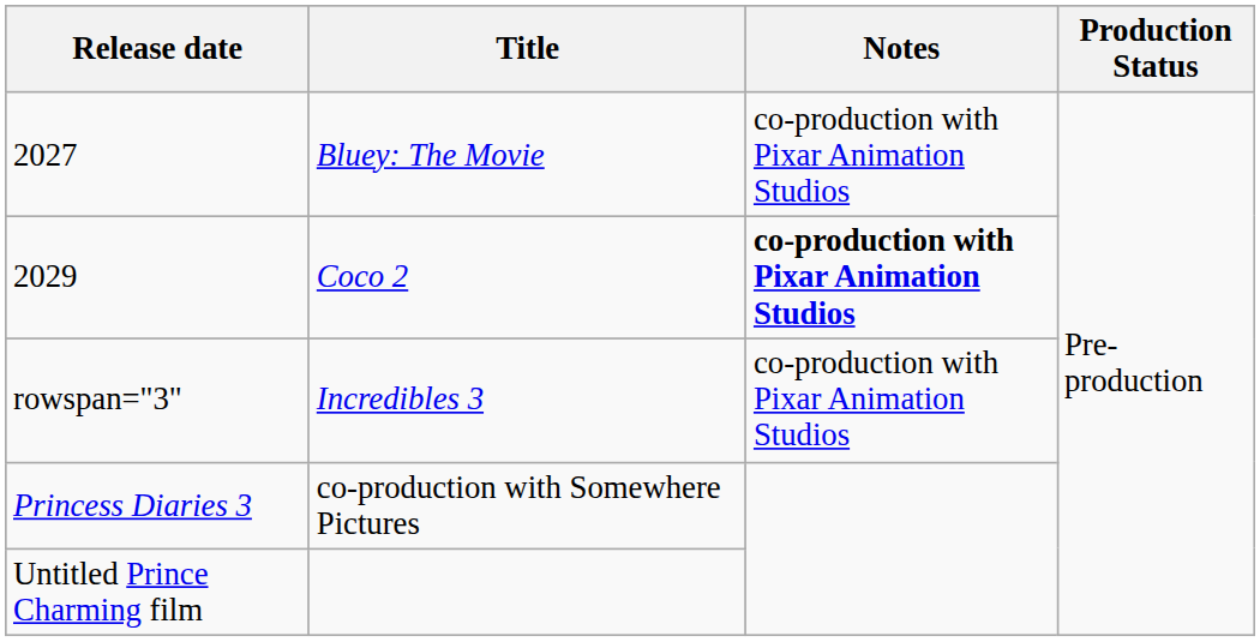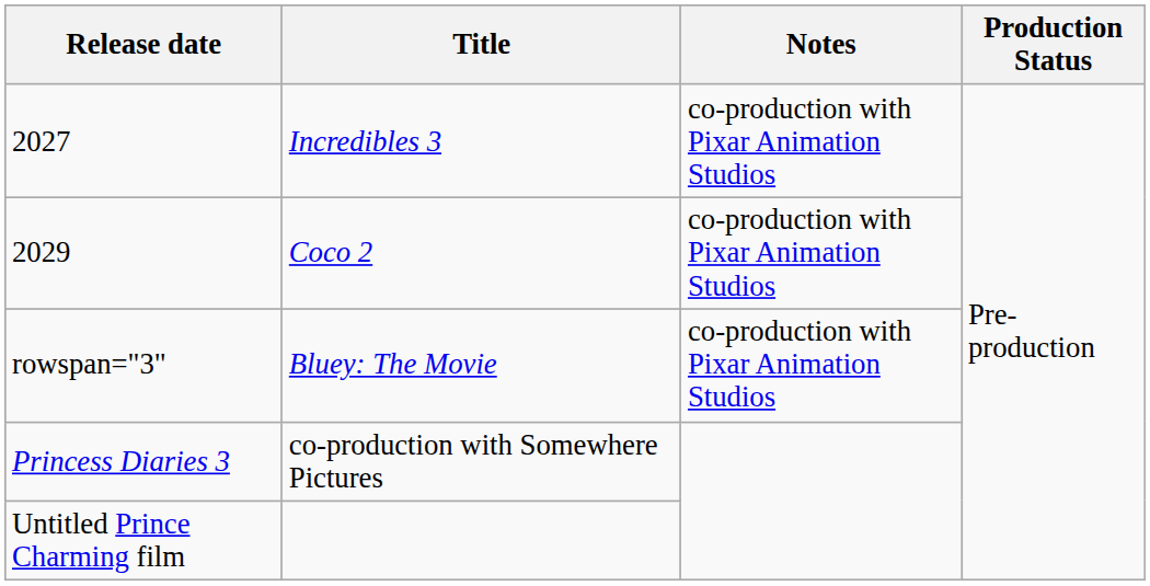 <table class="wikitable sortable" style="width:100%;">
 <tr>
 <th style="width:9em;">Release date</th>
 <th style="width:35%;">Title</th>
 <th>Notes</th>
 <th>Production Status</th>
 </tr>
 <tr>
 <td>2027</td>
-<td><em><a href='#'>Bluey: The Movie</a></em></td>
+<td><em><a href='#'>Incredibles 3</a></em></td>
 <td>co-production with <a href='#'>Pixar Animation Studios</a></td>
 <td rowspan="5">Pre-production</td>
 </tr>
 <tr>
 <td>2029</td>
 <td><em><a href='#'>Coco 2</a></em></td>
-<td><strong>co-production with <a href='#'>Pixar Animation Studios</a></strong></td>
+<td>co-production with <a href='#'>Pixar Animation Studios</a></td>
 </tr>
 <tr>
 <td>rowspan="3" </td>
-<td><em><a href='#'>Incredibles 3</a></em></td>
+<td><em><a href='#'>Bluey: The Movie</a></em></td>
 <td>co-production with <a href='#'>Pixar Animation Studios</a></td>
 </tr>
 <tr>
 <td><em><a href='#'>Princess Diaries 3</a></em></td>
 <td>co-production with Somewhere Pictures</td>
 </tr>
 <tr>
 <td>Untitled <a href='#'>Prince Charming</a> film</td>
 <td></td>
 </tr>
 </table>
